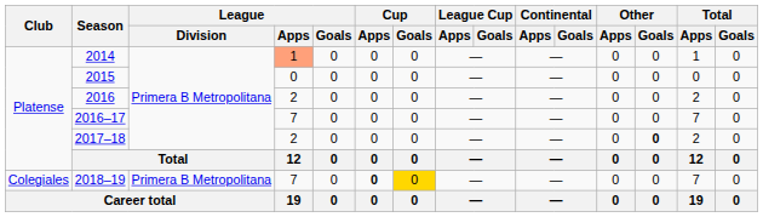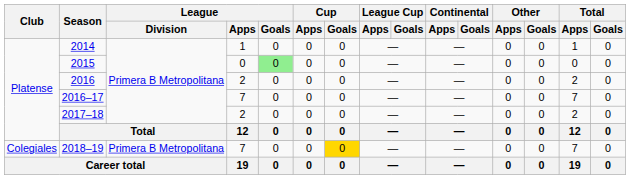 <table class="wikitable" style="text-align:center">
 <tr>
 <th rowspan="2">Club</th>
 <th rowspan="2">Season</th>
 <th colspan="3">League</th>
 <th colspan="2">Cup</th>
 <th colspan="2">League Cup</th>
 <th colspan="2">Continental</th>
 <th colspan="2">Other</th>
 <th colspan="2">Total</th>
 </tr>
 <tr>
 <th>Division</th>
 <th>Apps</th>
 <th>Goals</th>
 <th>Apps</th>
 <th>Goals</th>
 <th>Apps</th>
 <th>Goals</th>
 <th>Apps</th>
 <th>Goals</th>
 <th>Apps</th>
 <th>Goals</th>
 <th>Apps</th>
 <th>Goals</th>
 </tr>
 <tr>
 <td rowspan="6"><a href='#'>Platense</a></td>
 <td><a href='#'>2014</a></td>
 <td rowspan="5"><a href='#'>Primera B Metropolitana</a></td>
-<td style="background: lightsalmon;">1</td>
+<td>1</td>
 <td>0</td>
 <td>0</td>
 <td>0</td>
 <td colspan="2">—</td>
 <td colspan="2">—</td>
 <td>0</td>
 <td>0</td>
 <td>1</td>
 <td>0</td>
 </tr>
 <tr>
 <td><a href='#'>2015</a></td>
 <td>0</td>
-<td>0</td>
+<td style="background: lightgreen;">0</td>
 <td>0</td>
 <td>0</td>
 <td colspan="2">—</td>
 <td colspan="2">—</td>
 <td>0</td>
 <td>0</td>
 <td>0</td>
 <td>0</td>
 </tr>
 <tr>
 <td><a href='#'>2016</a></td>
 <td>2</td>
 <td>0</td>
 <td>0</td>
 <td>0</td>
 <td colspan="2">—</td>
 <td colspan="2">—</td>
 <td>0</td>
 <td>0</td>
 <td>2</td>
 <td>0</td>
 </tr>
 <tr>
 <td><a href='#'>2016–17</a></td>
 <td>7</td>
 <td>0</td>
 <td>0</td>
 <td>0</td>
 <td colspan="2">—</td>
 <td colspan="2">—</td>
 <td>0</td>
 <td>0</td>
 <td>7</td>
 <td>0</td>
 </tr>
 <tr>
 <td><a href='#'>2017–18</a></td>
 <td>2</td>
 <td>0</td>
 <td>0</td>
 <td>0</td>
 <td colspan="2">—</td>
 <td colspan="2">—</td>
 <td>0</td>
-<td><strong>0</strong></td>
+<td>0</td>
 <td>2</td>
 <td>0</td>
 </tr>
 <tr>
 <th colspan="2">Total</th>
 <th>12</th>
 <th>0</th>
 <th>0</th>
 <th>0</th>
 <th colspan="2">—</th>
 <th colspan="2">—</th>
 <th>0</th>
 <th>0</th>
 <th>12</th>
 <th>0</th>
 </tr>
 <tr>
 <td rowspan="1"><a href='#'>Colegiales</a></td>
 <td><a href='#'>2018–19</a></td>
 <td rowspan="1"><a href='#'>Primera B Metropolitana</a></td>
 <td>7</td>
 <td>0</td>
-<td><strong>0</strong></td>
+<td>0</td>
 <td style="background: gold;">0</td>
 <td colspan="2">—</td>
 <td colspan="2">—</td>
 <td>0</td>
 <td>0</td>
 <td>7</td>
 <td>0</td>
 </tr>
 <tr>
 <th colspan="3">Career total</th>
 <th>19</th>
 <th>0</th>
 <th>0</th>
 <th>0</th>
 <th colspan="2">—</th>
 <th colspan="2">—</th>
 <th>0</th>
 <th>0</th>
 <th>19</th>
 <th>0</th>
 </tr>
 </table>
